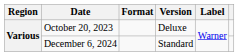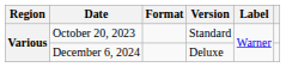 <table class="wikitable plainrowheaders">
 <tr>
 <th scope="col">Region</th>
 <th scope="col">Date</th>
 <th scope="col">Format</th>
 <th scope="col">Version</th>
 <th scope="col">Label</th>
 <th scope="col"></th>
 </tr>
 <tr>
 <th scope="row" rowspan="2">Various</th>
 <td>October 20, 2023</td>
 <td></td>
-<td>Deluxe</td>
+<td>Standard</td>
 <td rowspan="2"><a href='#'>Warner</a></td>
 <td></td>
 </tr>
 <tr>
 <td>December 6, 2024</td>
 <td></td>
-<td>Standard</td>
+<td>Deluxe</td>
 <td></td>
 </tr>
 </table>
